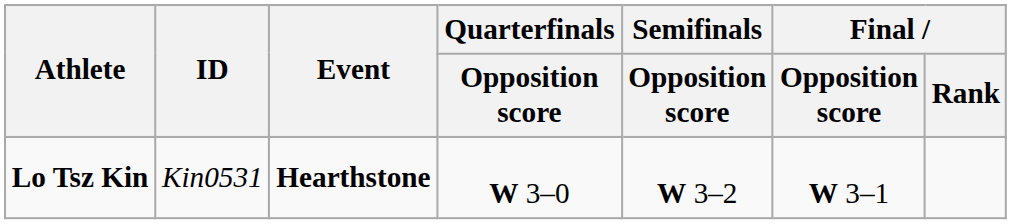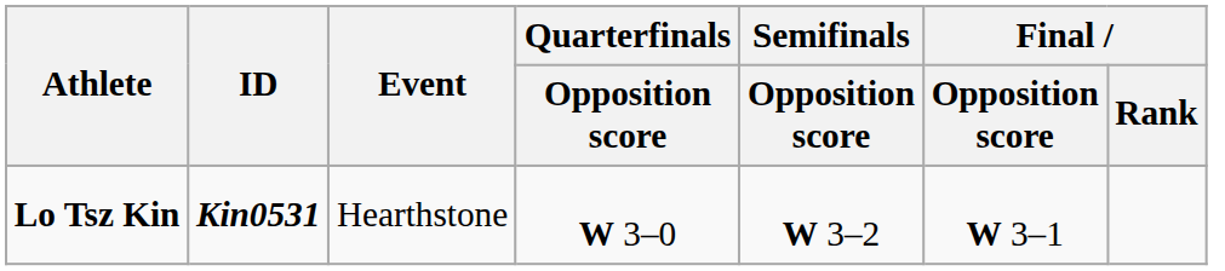 <table class=wikitable style="font-size:90%; text-align:center;">
 <tr>
 <th rowspan=2>Athlete</th>
 <th rowspan=2>ID</th>
 <th rowspan=2>Event</th>
 <th>Quarterfinals</th>
 <th>Semifinals</th>
 <th colspan=2>Final / </th>
 </tr>
 <tr>
 <th>Opposition<br> score</th>
 <th>Opposition<br> score</th>
 <th>Opposition<br> score</th>
 <th>Rank</th>
 </tr>
 <tr>
 <td align=left><strong>Lo Tsz Kin</strong></td>
-<td align=left><em>Kin0531</em></td>
-<td align=left><strong>Hearthstone</strong></td>
+<td align=left><strong><em>Kin0531</em></strong></td>
+<td align=left>Hearthstone</td>
 <td><br><strong>W</strong> 3–0</td>
 <td><br><strong>W</strong> 3–2</td>
 <td><br><strong>W</strong> 3–1</td>
 <td></td>
 </tr>
 </table>
